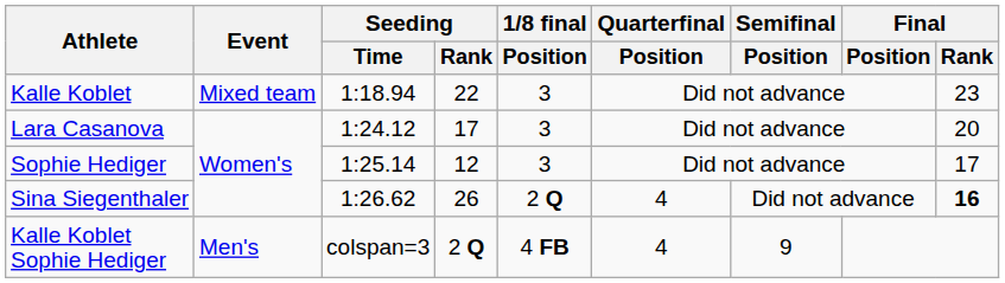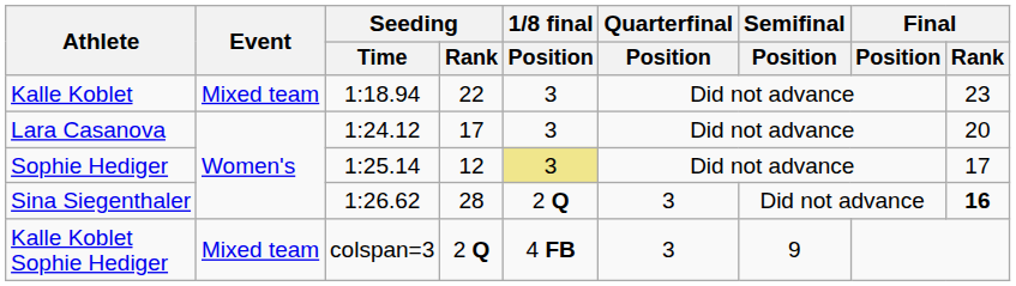 <table class=wikitable style="text-align:center; font-size:90%">
 <tr>
 <th rowspan=2>Athlete</th>
 <th rowspan=2>Event</th>
 <th colspan=2>Seeding</th>
 <th>1/8 final</th>
 <th>Quarterfinal</th>
 <th>Semifinal</th>
 <th colspan=2>Final</th>
 </tr>
 <tr style=font-size:95%>
 <th>Time</th>
 <th>Rank</th>
 <th>Position</th>
 <th>Position</th>
 <th>Position</th>
 <th>Position</th>
 <th>Rank</th>
 </tr>
 <tr>
 <td align=left><a href='#'>Kalle Koblet</a></td>
 <td align=left><a href='#'>Mixed team</a></td>
 <td>1:18.94</td>
 <td>22</td>
 <td>3</td>
 <td colspan=3>Did not advance</td>
 <td>23</td>
 </tr>
 <tr>
 <td align=left><a href='#'>Lara Casanova</a></td>
 <td align=left rowspan=3><a href='#'>Women's</a></td>
 <td>1:24.12</td>
 <td>17</td>
 <td>3</td>
 <td colspan=3>Did not advance</td>
 <td>20</td>
 </tr>
 <tr>
 <td align=left><a href='#'>Sophie Hediger</a></td>
 <td>1:25.14</td>
 <td>12</td>
-<td>3</td>
+<td style="background: khaki;">3</td>
 <td colspan=3>Did not advance</td>
 <td>17</td>
 </tr>
 <tr>
 <td align=left><a href='#'>Sina Siegenthaler</a></td>
 <td>1:26.62</td>
-<td>26</td>
+<td>28</td>
 <td>2 <strong>Q</strong></td>
-<td>4</td>
+<td>3</td>
 <td colspan=2>Did not advance</td>
 <td><strong>16</strong></td>
 </tr>
 <tr>
 <td align=left><a href='#'>Kalle Koblet</a><br><a href='#'>Sophie Hediger</a></td>
-<td align=left><a href='#'>Men's</a></td>
+<td align=left><a href='#'>Mixed team</a></td>
 <td>colspan=3 </td>
 <td>2 <strong>Q</strong></td>
 <td>4 <strong>FB</strong></td>
-<td>4</td>
+<td>3</td>
 <td>9</td>
 </tr>
 </table>
